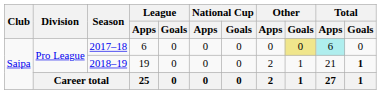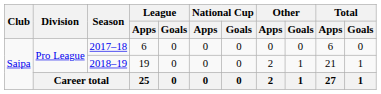 <table class="wikitable" style="text-align: center;">
 <tr>
 <th rowspan="2">Club</th>
 <th rowspan="2">Division</th>
 <th rowspan="2">Season</th>
 <th colspan="2">League</th>
 <th colspan="2">National Cup</th>
 <th colspan="2">Other</th>
 <th colspan="2">Total</th>
 </tr>
 <tr>
 <th>Apps</th>
 <th>Goals</th>
 <th>Apps</th>
 <th>Goals</th>
 <th>Apps</th>
 <th>Goals</th>
 <th>Apps</th>
 <th>Goals</th>
 </tr>
 <tr>
 <td rowspan="3"><a href='#'>Saipa</a></td>
 <td rowspan="2"><a href='#'>Pro League</a></td>
 <td><a href='#'>2017–18</a></td>
 <td>6</td>
 <td>0</td>
 <td>0</td>
 <td>0</td>
 <td>0</td>
-<td style="background: khaki;">0</td>
-<td style="background: paleturquoise;">6</td>
+<td>0</td>
+<td>6</td>
 <td>0</td>
 </tr>
 <tr>
 <td><a href='#'>2018–19</a></td>
 <td>19</td>
 <td>0</td>
 <td>0</td>
 <td>0</td>
 <td>2</td>
 <td>1</td>
 <td>21</td>
-<td><strong>1</strong></td>
+<td>1</td>
 </tr>
 <tr>
 <th colspan="2">Career total</th>
 <th>25</th>
 <th>0</th>
 <th>0</th>
 <th>0</th>
 <th>2</th>
 <th>1</th>
 <th>27</th>
 <th>1</th>
 </tr>
 </table>
